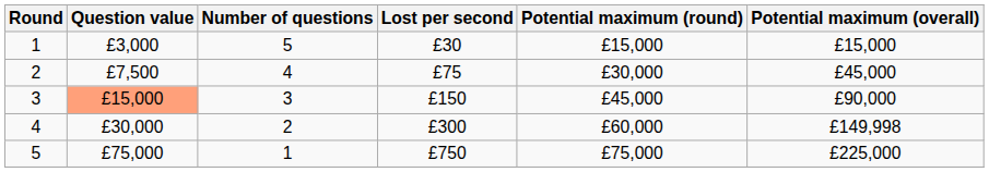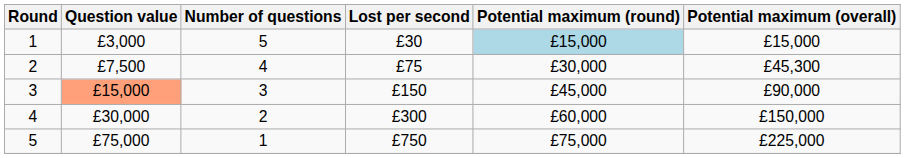 <table class="wikitable" style="text-align:center;">
 <tr>
 <th>Round</th>
 <th>Question value</th>
 <th>Number of questions</th>
 <th>Lost per second</th>
 <th>Potential maximum (round)</th>
 <th>Potential maximum (overall)</th>
 </tr>
 <tr>
 <td>1</td>
 <td>£3,000</td>
 <td>5</td>
 <td>£30</td>
-<td>£15,000</td>
+<td style="background: lightblue;">£15,000</td>
 <td>£15,000</td>
 </tr>
 <tr>
 <td>2</td>
 <td>£7,500</td>
 <td>4</td>
 <td>£75</td>
 <td>£30,000</td>
-<td>£45,000</td>
+<td>£45,300</td>
 </tr>
 <tr>
 <td>3</td>
 <td style="background: lightsalmon;">£15,000</td>
 <td>3</td>
 <td>£150</td>
 <td>£45,000</td>
 <td>£90,000</td>
 </tr>
 <tr>
 <td>4</td>
 <td>£30,000</td>
 <td>2</td>
 <td>£300</td>
 <td>£60,000</td>
-<td>£149,998</td>
+<td>£150,000</td>
 </tr>
 <tr>
 <td>5</td>
 <td>£75,000</td>
 <td>1</td>
 <td>£750</td>
 <td>£75,000</td>
 <td>£225,000</td>
 </tr>
 <tr>
 </tr>
 </table>
